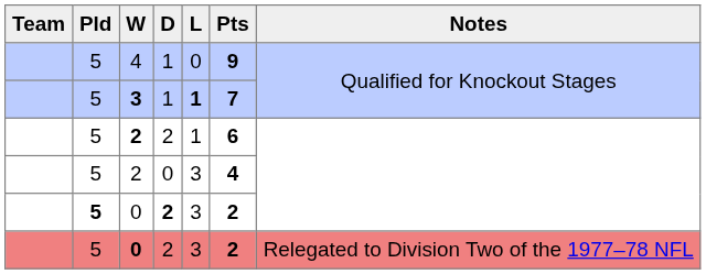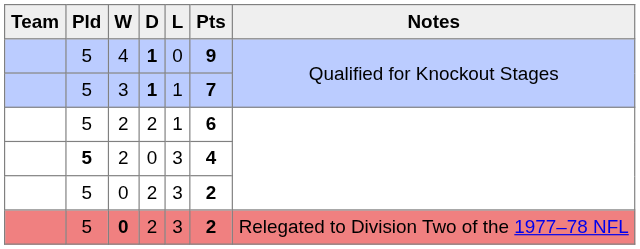 <table style=border-collapse:collapse border=1 cellspacing=0 cellpadding=5>
 <tr align=center bgcolor=#efefef>
 <th>Team</th>
 <th>Pld</th>
 <th>W</th>
 <th>D</th>
 <th>L</th>
 <th>Pts</th>
 <th>Notes</th>
 </tr>
 <tr align=center style="background:#bbccff;">
 <td style="text-align:left;"> </td>
 <td>5</td>
 <td>4</td>
-<td>1</td>
+<td><strong>1</strong></td>
 <td>0</td>
 <td><strong>9</strong></td>
 <td rowspan=2>Qualified for Knockout Stages</td>
 </tr>
 <tr align=center style="background:#bbccff;">
 <td style="text-align:left;"> </td>
 <td>5</td>
-<td><strong>3</strong></td>
+<td>3</td>
+<td><strong>1</strong></td>
 <td>1</td>
-<td><strong>1</strong></td>
 <td><strong>7</strong></td>
 </tr>
 <tr align=center style="background:#FFFFFF;">
 <td style="text-align:left;"> </td>
 <td>5</td>
-<td><strong>2</strong></td>
+<td>2</td>
 <td>2</td>
 <td>1</td>
 <td><strong>6</strong></td>
 <td rowspan=3></td>
 </tr>
 <tr align=center style="background:#FFFFFF;">
 <td style="text-align:left;"> </td>
-<td>5</td>
+<td><strong>5</strong></td>
 <td>2</td>
 <td>0</td>
 <td>3</td>
 <td><strong>4</strong></td>
 </tr>
 <tr align=center style="background:#FFFFFF;">
 <td style="text-align:left;"> </td>
-<td><strong>5</strong></td>
+<td>5</td>
 <td>0</td>
-<td><strong>2</strong></td>
+<td>2</td>
 <td>3</td>
 <td><strong>2</strong></td>
 </tr>
 <tr align=center style="background:#F08080">
 <td style="text-align:left;"> </td>
 <td>5</td>
 <td><strong>0</strong></td>
 <td>2</td>
 <td>3</td>
 <td><strong>2</strong></td>
 <td rowspan=1>Relegated to Division Two of the <a href='#'>1977–78 NFL</a></td>
 </tr>
 </table>
